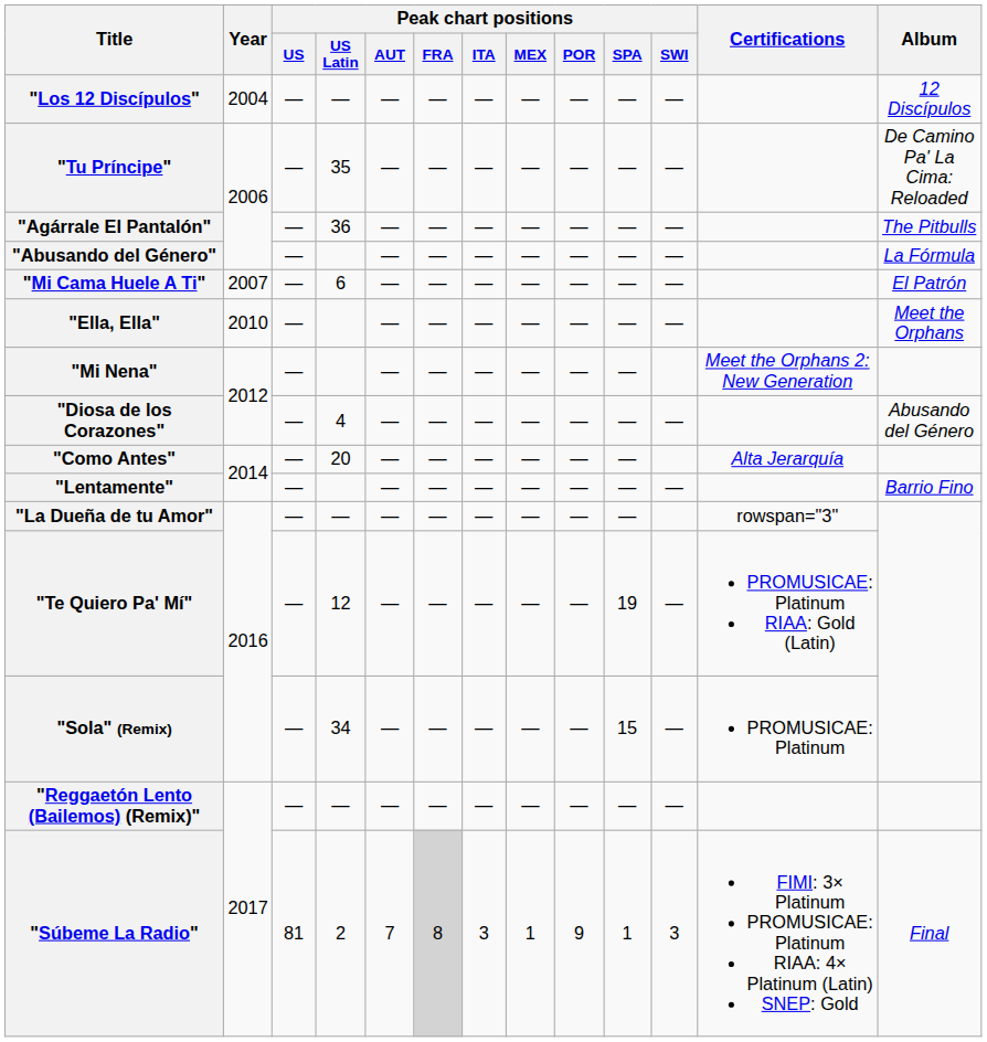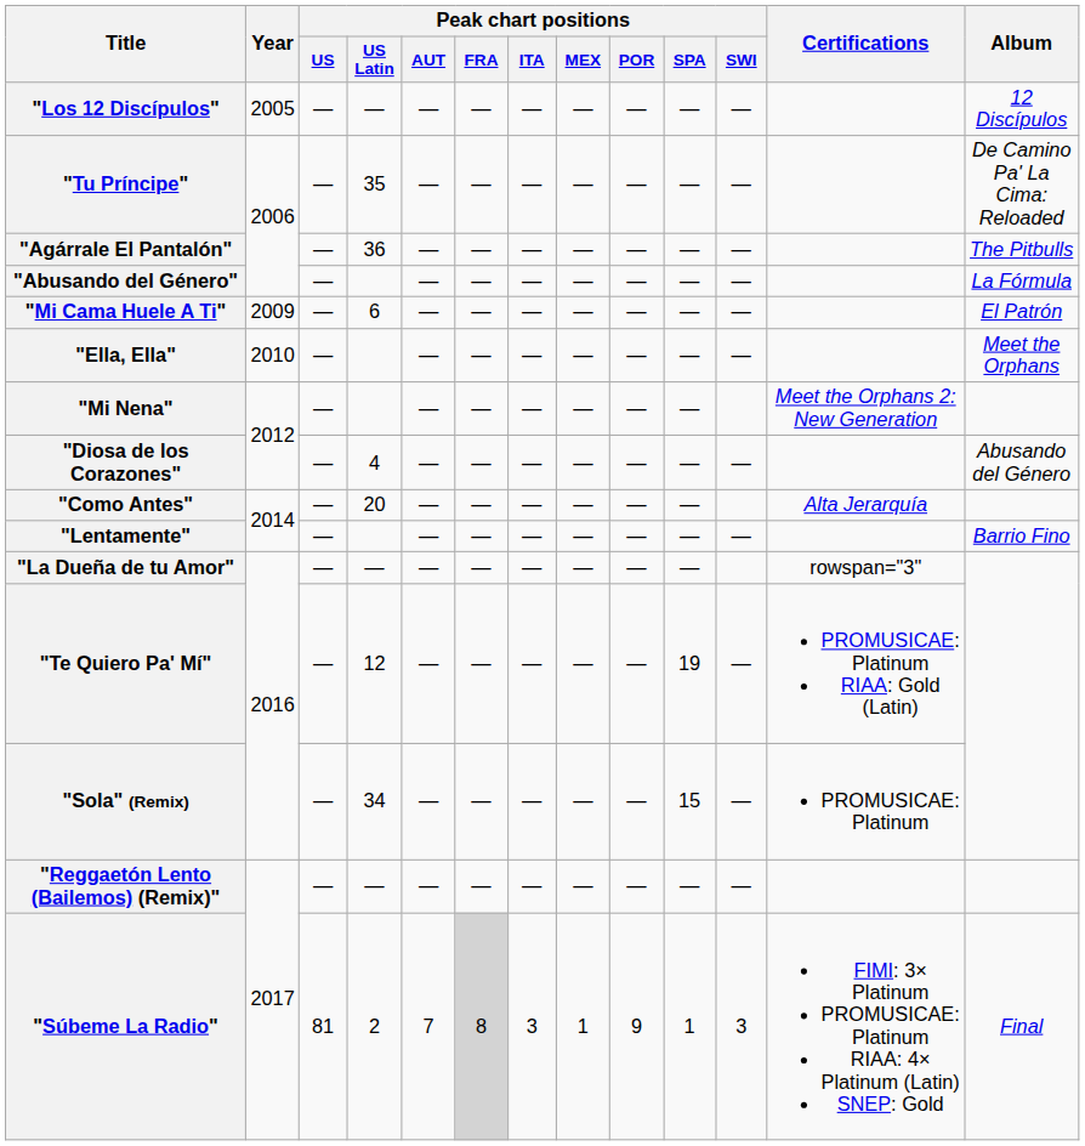 <table class="wikitable plainrowheaders" style="text-align:center;">
 <tr>
 <th rowspan="2" width="267">Title</th>
 <th scope="col" rowspan="2" style="width:1em;">Year</th>
 <th colspan="9" scope="col" style="width:2em;">Peak chart positions</th>
 <th scope="col" rowspan="2"><a href='#'>Certifications</a></th>
 <th scope="col" rowspan="2" style="width:6em;">Album</th>
 </tr>
 <tr style="font-size:smaller;">
 <th width="45"><a href='#'>US</a><br></th>
 <th width="45"><a href='#'>US<br>Latin</a><br></th>
 <th width="45"><a href='#'>AUT</a><br></th>
 <th width="45"><a href='#'>FRA</a><br></th>
 <th width="45"><a href='#'>ITA</a><br></th>
 <th width="45"><a href='#'>MEX</a><br></th>
 <th width="45"><a href='#'>POR</a><br></th>
 <th width="45"><a href='#'>SPA</a><br></th>
 <th width="45"><a href='#'>SWI</a><br></th>
 </tr>
 <tr>
 <th scope="row">"<a href='#'>Los 12 Discípulos</a>"<br></th>
-<td>2004</td>
+<td>2005</td>
 <td>—</td>
 <td>—</td>
 <td>—</td>
 <td>—</td>
 <td>—</td>
 <td>—</td>
 <td>—</td>
 <td>—</td>
 <td>—</td>
 <td></td>
 <td><em><a href='#'>12 Discípulos</a></em></td>
 </tr>
 <tr>
 <th scope="row">"<a href='#'>Tu Príncipe</a>"<br></th>
 <td rowspan="3">2006</td>
 <td>—</td>
 <td>35</td>
 <td>—</td>
 <td>—</td>
 <td>—</td>
 <td>—</td>
 <td>—</td>
 <td>—</td>
 <td>—</td>
 <td></td>
 <td><em>De Camino Pa' La Cima: Reloaded</em></td>
 </tr>
 <tr>
 <th scope="row">"Agárrale El Pantalón"<br></th>
 <td>—</td>
 <td>36</td>
 <td>—</td>
 <td>—</td>
 <td>—</td>
 <td>—</td>
 <td>—</td>
 <td>—</td>
 <td>—</td>
 <td></td>
 <td><em><a href='#'>The Pitbulls</a></em></td>
 </tr>
 <tr>
 <th scope="row">"Abusando del Género"<br></th>
 <td>—</td>
 <td align="center"></td>
 <td>—</td>
 <td>—</td>
 <td>—</td>
 <td>—</td>
 <td>—</td>
 <td>—</td>
 <td>—</td>
 <td></td>
 <td><em><a href='#'>La Fórmula</a></em></td>
 </tr>
 <tr>
 <th scope="row">"<a href='#'>Mi Cama Huele A Ti</a>"<br></th>
-<td>2007</td>
+<td>2009</td>
 <td>—</td>
 <td>6</td>
 <td>—</td>
 <td>—</td>
 <td>—</td>
 <td>—</td>
 <td>—</td>
 <td>—</td>
 <td>—</td>
 <td></td>
 <td><em><a href='#'>El Patrón</a></em></td>
 </tr>
 <tr>
 <th scope="row">"Ella, Ella"<br></th>
 <td>2010</td>
 <td>—</td>
 <td></td>
 <td>—</td>
 <td>—</td>
 <td>—</td>
 <td>—</td>
 <td>—</td>
 <td>—</td>
 <td>—</td>
 <td></td>
 <td><em><a href='#'>Meet the Orphans</a></em></td>
 </tr>
 <tr>
 <th scope="row">"Mi Nena"<br></th>
 <td rowspan="2">2012</td>
 <td>—</td>
 <td align="center"></td>
 <td>—</td>
 <td>—</td>
 <td>—</td>
 <td>—</td>
 <td>—</td>
 <td>—</td>
 <td></td>
 <td><em><a href='#'>Meet the Orphans 2: New Generation</a></em></td>
 </tr>
 <tr>
 <th scope="row">"Diosa de los Corazones"<br></th>
 <td>—</td>
 <td>4</td>
 <td>—</td>
 <td>—</td>
 <td>—</td>
 <td>—</td>
 <td>—</td>
 <td>—</td>
 <td>—</td>
 <td></td>
 <td><em>Abusando del Género</em></td>
 </tr>
 <tr>
 <th scope="row">"Como Antes"<br></th>
 <td rowspan="2">2014</td>
 <td>—</td>
 <td>20</td>
 <td>—</td>
 <td>—</td>
 <td>—</td>
 <td>—</td>
 <td>—</td>
 <td>—</td>
 <td></td>
 <td><em><a href='#'>Alta Jerarquía</a></em></td>
 </tr>
 <tr>
 <th scope="row">"Lentamente"<br></th>
 <td>—</td>
 <td></td>
 <td>—</td>
 <td>—</td>
 <td>—</td>
 <td>—</td>
 <td>—</td>
 <td>—</td>
 <td>—</td>
 <td></td>
 <td><em><a href='#'>Barrio Fino</a></em></td>
 </tr>
 <tr>
 <th scope="row">"La Dueña de tu Amor"<br></th>
 <td rowspan="3">2016</td>
 <td>—</td>
 <td>—</td>
 <td>—</td>
 <td>—</td>
 <td>—</td>
 <td>—</td>
 <td>—</td>
 <td>—</td>
 <td></td>
 <td>rowspan="3" </td>
 </tr>
 <tr>
 <th scope="row">"Te Quiero Pa' Mí"<br></th>
 <td>—</td>
 <td>12</td>
 <td>—</td>
 <td>—</td>
 <td>—</td>
 <td>—</td>
 <td>—</td>
 <td>19</td>
 <td>—</td>
 <td><br><ul><li><a href='#'>PROMUSICAE</a>: Platinum</li><li><a href='#'>RIAA</a>: Gold (Latin)</li></ul></td>
 </tr>
 <tr>
 <th scope="row">"Sola" <small>(Remix)</small><br></th>
 <td>—</td>
 <td>34</td>
 <td>—</td>
 <td>—</td>
 <td>—</td>
 <td>—</td>
 <td>—</td>
 <td>15</td>
 <td>—</td>
 <td><br><ul><li>PROMUSICAE: Platinum</li></ul></td>
 </tr>
 <tr>
 <th scope="row">"<a href='#'>Reggaetón Lento (Bailemos)</a> (Remix)"<br></th>
 <td rowspan="3">2017</td>
 <td>—</td>
 <td>—</td>
 <td>—</td>
 <td>—</td>
 <td>—</td>
 <td>—</td>
 <td>—</td>
 <td>—</td>
 <td>—</td>
 <td></td>
 <td></td>
 </tr>
 <tr>
 <th scope="row">"<a href='#'>Súbeme La Radio</a>"<br></th>
 <td>81</td>
 <td>2</td>
 <td>7</td>
 <td style="background: lightgrey;">8</td>
 <td>3</td>
 <td>1</td>
 <td>9</td>
 <td>1</td>
 <td>3</td>
 <td><br><ul><li><a href='#'>FIMI</a>: 3× Platinum</li><li>PROMUSICAE: Platinum</li><li>RIAA: 4× Platinum (Latin)</li><li><a href='#'>SNEP</a>: Gold</li></ul></td>
 <td align="center"><em><a href='#'>Final</a></em></td>
 </tr>
 </table>
